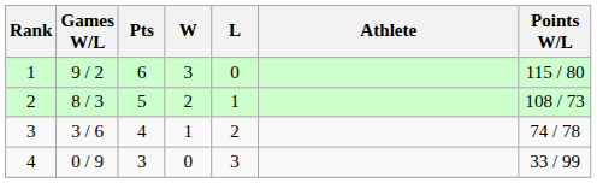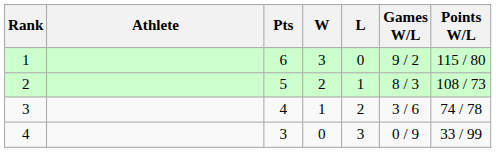 <table class="wikitable" style="text-align: center; font-size:90% ">
 <tr>
 <th width="20">Rank</th>
-<th width="40">Games<br>W/L</th>
+<th width="200">Athlete</th>
 <th width="30">Pts</th>
 <th width="30">W</th>
 <th width="30">L</th>
-<th width="200">Athlete</th>
+<th width="40">Games<br>W/L</th>
 <th width="50">Points<br>W/L</th>
 </tr>
 <tr bgcolor=#ccffcc>
 <td>1</td>
-<td>9 / 2</td>
+<td align=left></td>
 <td>6</td>
 <td>3</td>
 <td>0</td>
-<td align=left></td>
+<td>9 / 2</td>
 <td>115 / 80</td>
 </tr>
 <tr bgcolor=#ccffcc>
 <td>2</td>
-<td>8 / 3</td>
+<td align=left></td>
 <td>5</td>
 <td>2</td>
 <td>1</td>
-<td align=left></td>
+<td>8 / 3</td>
 <td>108 / 73</td>
 </tr>
 <tr>
 <td>3</td>
-<td>3 / 6</td>
+<td align=left></td>
 <td>4</td>
 <td>1</td>
 <td>2</td>
-<td align=left></td>
+<td>3 / 6</td>
 <td>74 / 78</td>
 </tr>
 <tr>
 <td>4</td>
-<td>0 / 9</td>
+<td align=left></td>
 <td>3</td>
 <td>0</td>
 <td>3</td>
-<td align=left></td>
+<td>0 / 9</td>
 <td>33 / 99</td>
 </tr>
 </table>
